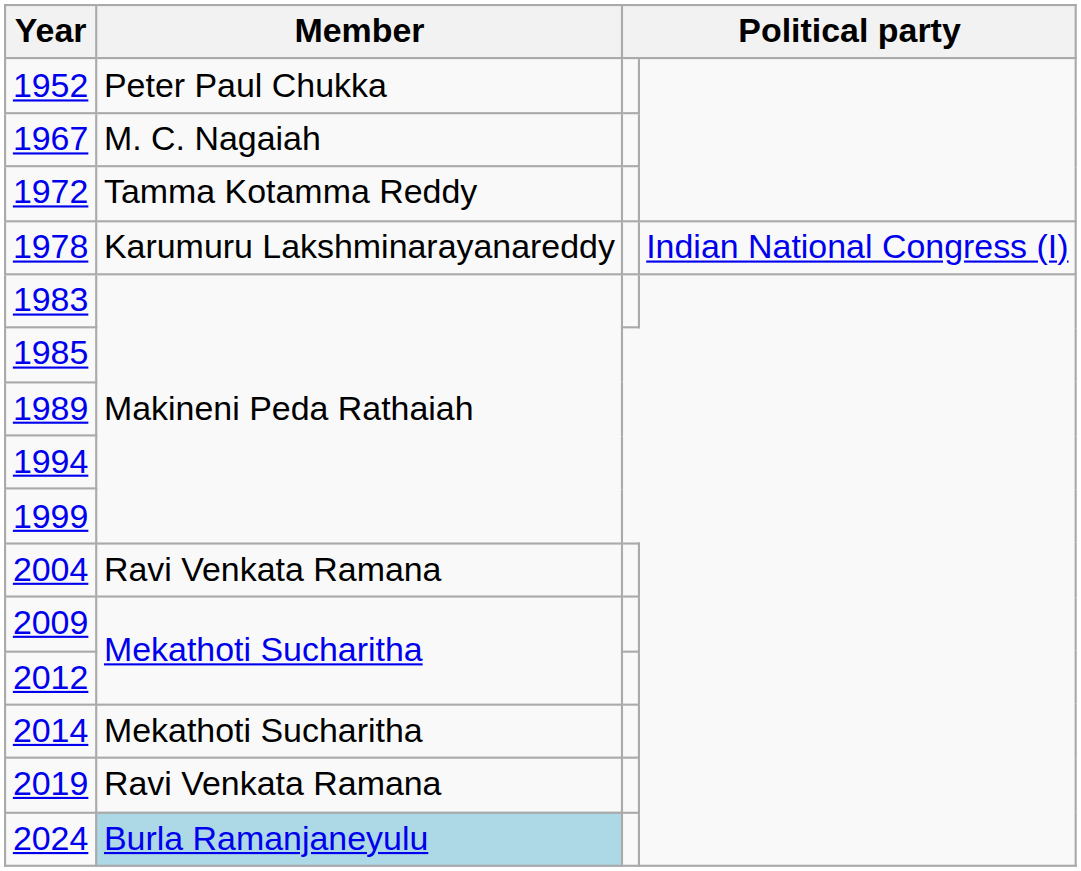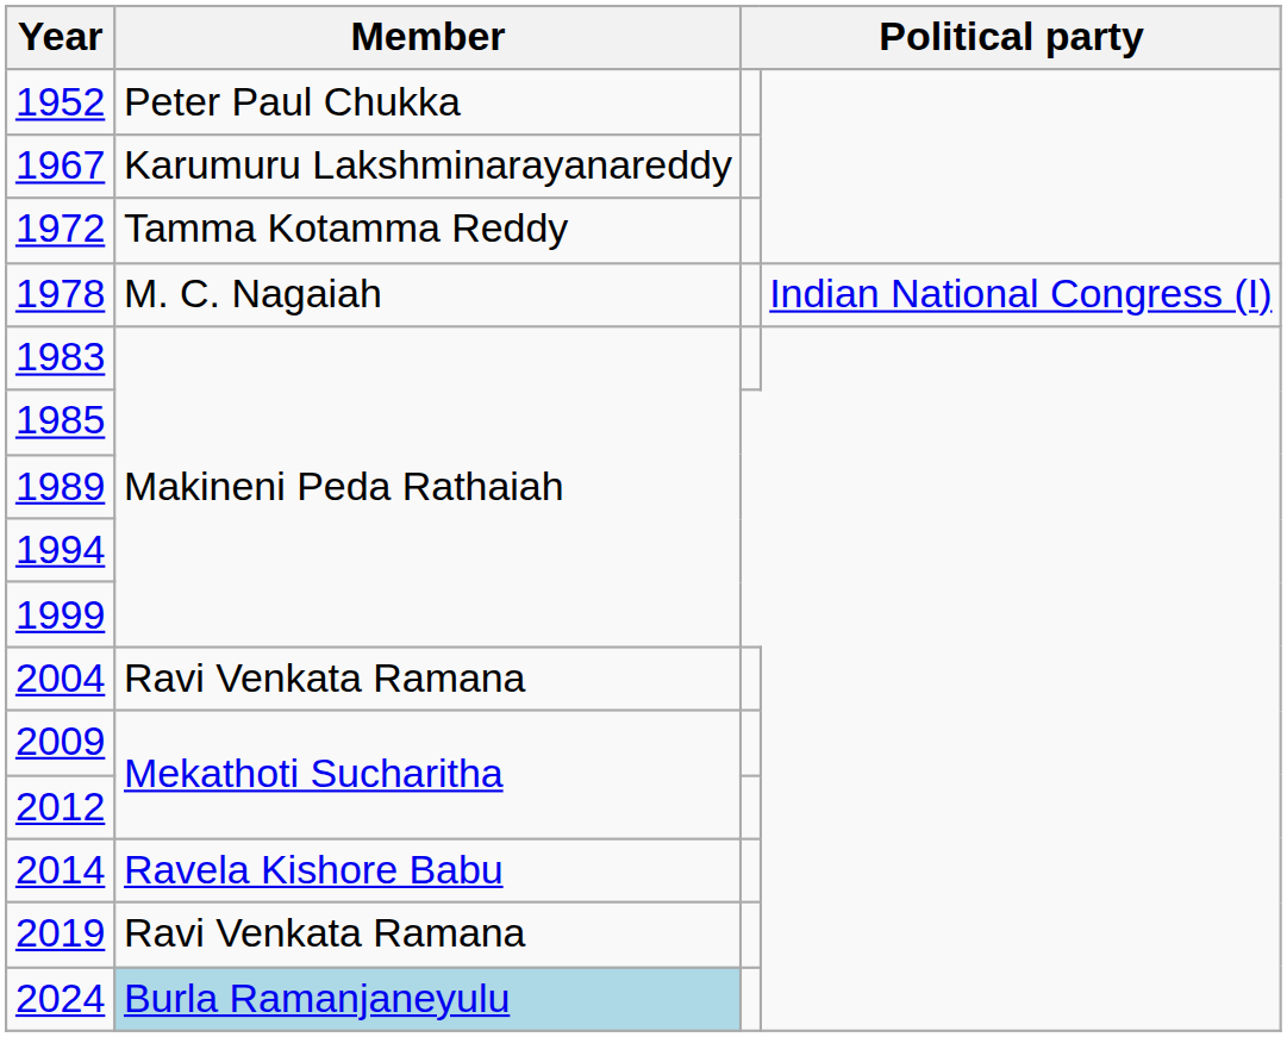 <table class="wikitable sortable">
 <tr>
 <th>Year</th>
 <th>Member</th>
 <th colspan=2>Political party</th>
 </tr>
 <tr>
 <td><a href='#'>1952</a></td>
 <td>Peter Paul Chukka</td>
 <td></td>
 </tr>
 <tr>
 <td><a href='#'>1967</a></td>
-<td>M. C. Nagaiah</td>
+<td>Karumuru Lakshminarayanareddy</td>
 <td></td>
 </tr>
 <tr>
 <td><a href='#'>1972</a></td>
 <td>Tamma Kotamma Reddy</td>
 <td></td>
 </tr>
 <tr>
 <td><a href='#'>1978</a></td>
-<td>Karumuru Lakshminarayanareddy</td>
+<td>M. C. Nagaiah</td>
 <td></td>
 <td><a href='#'>Indian National Congress (I)</a></td>
 </tr>
 <tr>
 <td><a href='#'>1983</a></td>
 <td rowspan=5>Makineni Peda Rathaiah</td>
 <td></td>
 </tr>
 <tr>
 <td><a href='#'>1985</a></td>
 </tr>
 <tr>
 <td><a href='#'>1989</a></td>
 </tr>
 <tr>
 <td><a href='#'>1994</a></td>
 </tr>
 <tr>
 <td><a href='#'>1999</a></td>
 </tr>
 <tr>
 <td><a href='#'>2004</a></td>
 <td>Ravi Venkata Ramana</td>
 <td></td>
 </tr>
 <tr>
 <td><a href='#'>2009</a></td>
 <td rowspan=2><a href='#'>Mekathoti Sucharitha</a></td>
 <td></td>
 </tr>
 <tr>
 <td><a href='#'>2012</a></td>
 <td></td>
 </tr>
 <tr>
 <td><a href='#'>2014</a></td>
-<td>Mekathoti Sucharitha</td>
+<td><a href='#'>Ravela Kishore Babu</a></td>
 <td></td>
 </tr>
 <tr>
 <td><a href='#'>2019</a></td>
 <td>Ravi Venkata Ramana</td>
 <td></td>
 </tr>
 <tr>
 <td><a href='#'>2024</a></td>
 <td style="background: lightblue;"><a href='#'>Burla Ramanjaneyulu</a></td>
 <td></td>
 </tr>
 </table>
